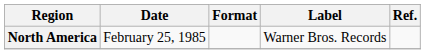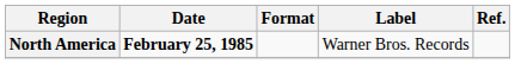 <table class="wikitable plainrowheaders">
 <tr>
 <th scope="col">Region</th>
 <th scope="col">Date</th>
 <th scope="col">Format</th>
 <th scope="col">Label</th>
 <th scope="col">Ref.</th>
 </tr>
 <tr>
 <th scope="row">North America</th>
-<td>February 25, 1985</td>
+<td><strong>February 25, 1985</strong></td>
 <td></td>
 <td>Warner Bros. Records</td>
 <td></td>
 </tr>
 <tr>
 </tr>
 </table>
